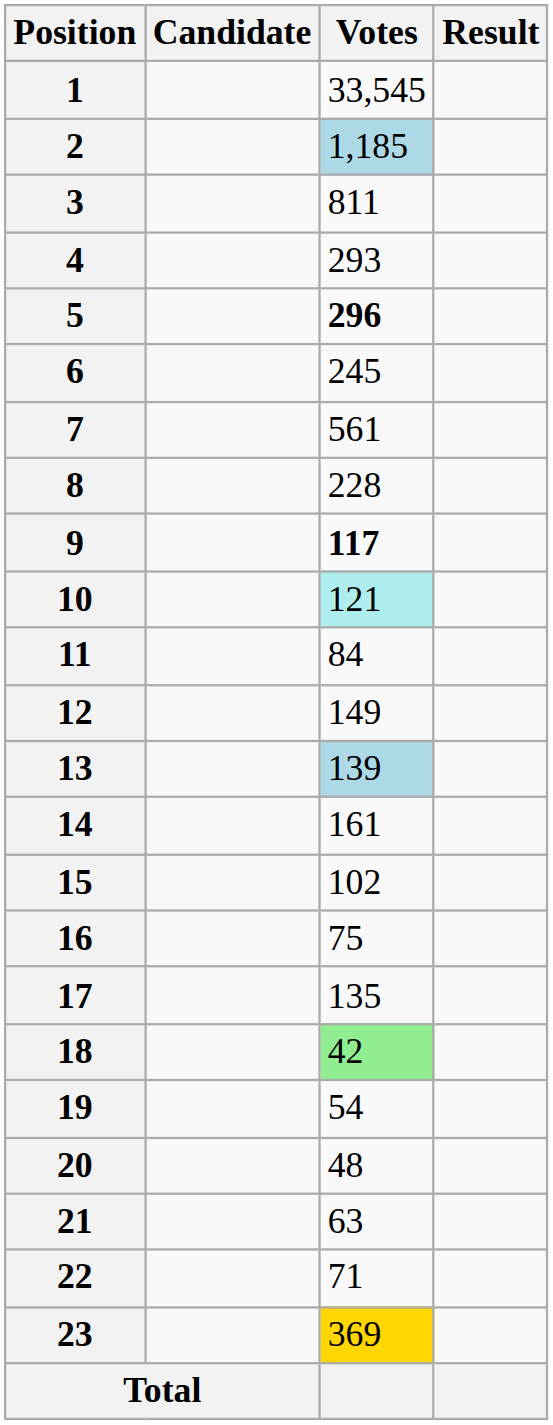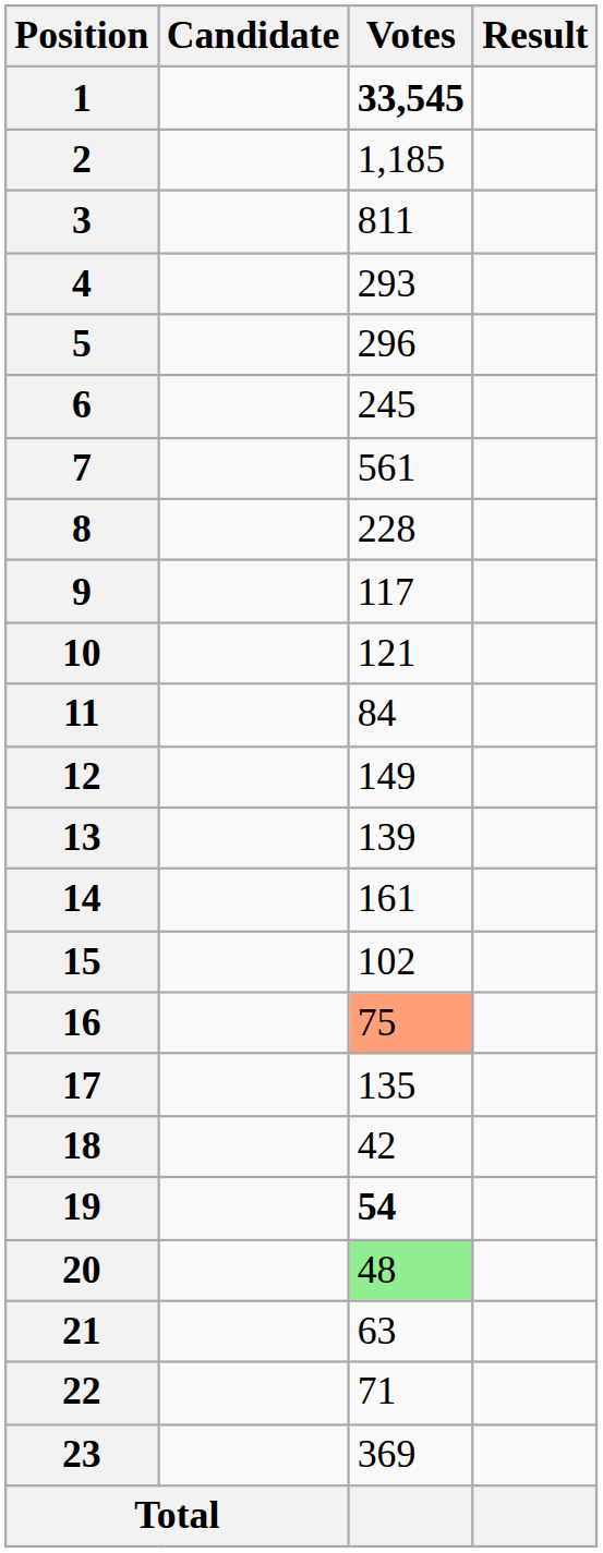 <table class="wikitable sortable col3right">
 <tr>
 <th scope="col">Position</th>
 <th scope="col">Candidate</th>
 <th scope="col">Votes</th>
 <th scope="col">Result</th>
 </tr>
 <tr>
 <th scope="row">1</th>
 <td></td>
-<td>33,545</td>
+<td><strong>33,545</strong></td>
 <td></td>
 </tr>
 <tr>
 <th scope="row">2</th>
 <td></td>
-<td style="background: lightblue;">1,185</td>
+<td>1,185</td>
 <td></td>
 </tr>
 <tr>
 <th scope="row">3</th>
 <td></td>
 <td>811</td>
 <td></td>
 </tr>
 <tr>
 <th scope="row">4</th>
 <td></td>
 <td>293</td>
 <td></td>
 </tr>
 <tr>
 <th scope="row">5</th>
 <td></td>
-<td><strong>296</strong></td>
+<td>296</td>
 <td></td>
 </tr>
 <tr>
 <th scope="row">6</th>
 <td></td>
 <td>245</td>
 <td></td>
 </tr>
 <tr>
 <th scope="row">7</th>
 <td></td>
 <td>561</td>
 <td></td>
 </tr>
 <tr>
 <th scope="row">8</th>
 <td></td>
 <td>228</td>
 <td></td>
 </tr>
 <tr>
 <th scope="row">9</th>
 <td></td>
-<td><strong>117</strong></td>
+<td>117</td>
 <td></td>
 </tr>
 <tr>
 <th scope="row">10</th>
 <td></td>
-<td style="background: paleturquoise;">121</td>
+<td>121</td>
 <td></td>
 </tr>
 <tr>
 <th scope="row">11</th>
 <td></td>
 <td>84</td>
 <td></td>
 </tr>
 <tr>
 <th scope="row">12</th>
 <td></td>
 <td>149</td>
 <td></td>
 </tr>
 <tr>
 <th scope="row">13</th>
 <td></td>
-<td style="background: lightblue;">139</td>
+<td>139</td>
 <td></td>
 </tr>
 <tr>
 <th scope="row">14</th>
 <td></td>
 <td>161</td>
 <td></td>
 </tr>
 <tr>
 <th scope="row">15</th>
 <td></td>
 <td>102</td>
 <td></td>
 </tr>
 <tr>
 <th scope="row">16</th>
 <td></td>
-<td>75</td>
+<td style="background: lightsalmon;">75</td>
 <td></td>
 </tr>
 <tr>
 <th scope="row">17</th>
 <td></td>
 <td>135</td>
 <td></td>
 </tr>
 <tr>
 <th scope="row">18</th>
 <td></td>
-<td style="background: lightgreen;">42</td>
+<td>42</td>
 <td></td>
 </tr>
 <tr>
 <th scope="row">19</th>
 <td></td>
-<td>54</td>
+<td><strong>54</strong></td>
 <td></td>
 </tr>
 <tr>
 <th scope="row">20</th>
 <td></td>
-<td>48</td>
+<td style="background: lightgreen;">48</td>
 <td></td>
 </tr>
 <tr>
 <th scope="row">21</th>
 <td></td>
 <td>63</td>
 <td></td>
 </tr>
 <tr>
 <th scope="row">22</th>
 <td></td>
 <td>71</td>
 <td></td>
 </tr>
 <tr>
 <th scope="row">23</th>
 <td></td>
-<td style="background: gold;">369</td>
+<td>369</td>
 <td></td>
 </tr>
 <tr class="sortbottom">
 <th scope="row" colspan="2">Total</th>
 <th></th>
 <th></th>
 </tr>
 </table>
